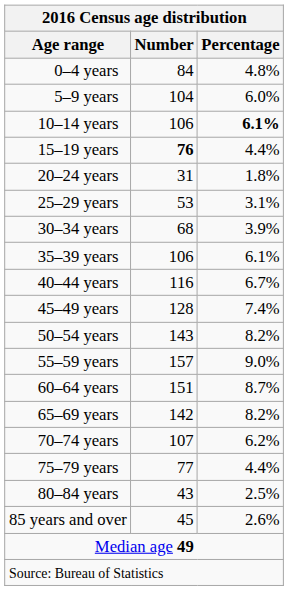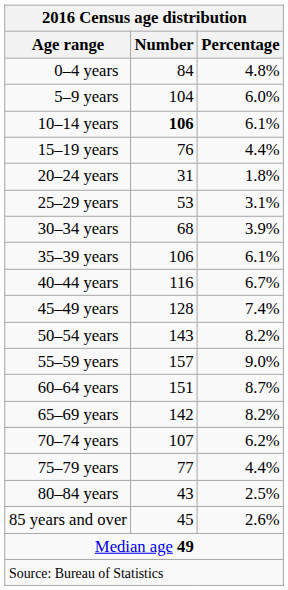 <table class="wikitable" align="right">
 <tr>
 <th colspan=3 align=center>2016 Census age distribution</th>
 </tr>
 <tr>
 <th>Age range</th>
 <th>Number</th>
 <th>Percentage</th>
 </tr>
 <tr align=right>
 <td>0–4 years   </td>
 <td>84</td>
 <td>4.8%</td>
 </tr>
 <tr align=right>
 <td>5–9 years   </td>
 <td>104</td>
 <td>6.0%</td>
 </tr>
 <tr align=right>
 <td>10–14 years  </td>
-<td>106</td>
-<td><strong>6.1%</strong></td>
+<td><strong>106</strong></td>
+<td>6.1%</td>
 </tr>
 <tr align=right>
 <td>15–19 years  </td>
-<td><strong>76</strong></td>
+<td>76</td>
 <td>4.4%</td>
 </tr>
 <tr align=right>
 <td>20–24 years  </td>
 <td>31</td>
 <td>1.8%</td>
 </tr>
 <tr align=right>
 <td>25–29 years  </td>
 <td>53</td>
 <td>3.1%</td>
 </tr>
 <tr align=right>
 <td>30–34 years  </td>
 <td>68</td>
 <td>3.9%</td>
 </tr>
 <tr align=right>
 <td>35–39 years  </td>
 <td>106</td>
 <td>6.1%</td>
 </tr>
 <tr align=right>
 <td>40–44 years  </td>
 <td>116</td>
 <td>6.7%</td>
 </tr>
 <tr align=right>
 <td>45–49 years  </td>
 <td>128</td>
 <td>7.4%</td>
 </tr>
 <tr align=right>
 <td>50–54 years  </td>
 <td>143</td>
 <td>8.2%</td>
 </tr>
 <tr align=right>
 <td>55–59 years  </td>
 <td>157</td>
 <td>9.0%</td>
 </tr>
 <tr align=right>
 <td>60–64 years  </td>
 <td>151</td>
 <td>8.7%</td>
 </tr>
 <tr align=right>
 <td>65–69 years  </td>
 <td>142</td>
 <td>8.2%</td>
 </tr>
 <tr align=right>
 <td>70–74 years  </td>
 <td>107</td>
 <td>6.2%</td>
 </tr>
 <tr align=right>
 <td>75–79 years  </td>
 <td>77</td>
 <td>4.4%</td>
 </tr>
 <tr align=right>
 <td>80–84 years  </td>
 <td>43</td>
 <td>2.5%</td>
 </tr>
 <tr align=right>
 <td>85 years and over</td>
 <td>45</td>
 <td>2.6%</td>
 </tr>
 <tr align=right>
 <td align=center colspan=3><a href='#'>Median age</a> <strong>49</strong></td>
 </tr>
 <tr>
 <td colspan="3" style="text-align:left;"><small>Source: Bureau of Statistics</small></td>
 </tr>
 </table>
